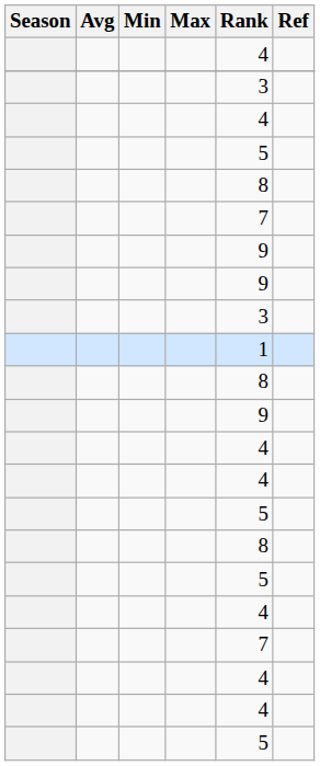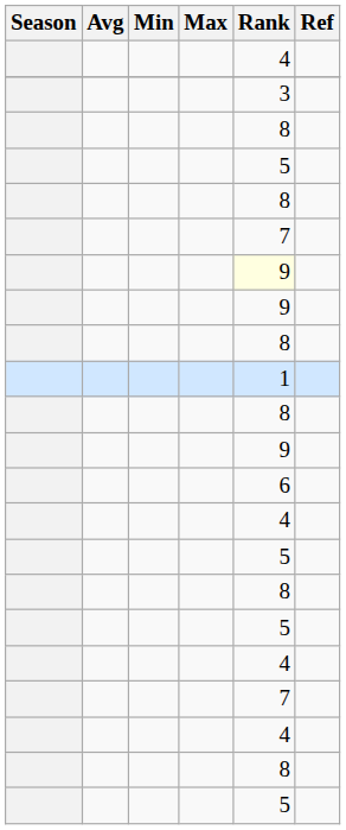 <table class="wikitable plainrowheaders sortable">
 <tr>
 <th scope=col>Season</th>
 <th scope=col>Avg</th>
 <th scope=col>Min</th>
 <th scope=col>Max</th>
 <th scope=col>Rank</th>
 <th scope=col class="unsortable">Ref</th>
 </tr>
 <tr>
 <th scope=row align=right></th>
 <td align=right></td>
 <td align=right></td>
 <td align=right></td>
 <td align=right>4</td>
 <td align=center></td>
 </tr>
 <tr>
 </tr>
 <tr>
 <th scope=row align=right></th>
 <td align=right></td>
 <td align=right></td>
 <td align=right></td>
 <td align=right>3</td>
 <td align=center></td>
 </tr>
 <tr>
 <th scope=row align=right></th>
 <td align=right></td>
 <td align=right></td>
 <td align=right></td>
-<td align=right>4</td>
+<td align=right>8</td>
 <td align=center></td>
 </tr>
 <tr>
 <th scope=row align=right></th>
 <td align=right></td>
 <td align=right></td>
 <td align=right></td>
 <td align=right>5</td>
 <td align=center></td>
 </tr>
 <tr>
 <th scope=row align=right></th>
 <td align=right></td>
 <td align=right></td>
 <td align=right></td>
 <td align=right>8</td>
 <td align=center></td>
 </tr>
 <tr>
 <th scope=row align=right></th>
 <td align=right></td>
 <td align=right></td>
 <td align=right></td>
 <td align=right>7</td>
 <td align=center></td>
 </tr>
 <tr>
 <th scope=row align=right></th>
 <td align=right></td>
 <td align=right></td>
 <td align=right></td>
-<td align=right>9</td>
+<td align=right style="background: lightyellow;">9</td>
 <td align=center></td>
 </tr>
 <tr>
 <th scope=row align=right></th>
 <td align=right></td>
 <td align=right></td>
 <td align=right></td>
 <td align=right>9</td>
 <td align=center></td>
 </tr>
 <tr>
 <th scope=row align=right></th>
 <td align=right></td>
 <td align=right></td>
 <td align=right></td>
-<td align=right>3</td>
+<td align=right>8</td>
 <td align=center></td>
 </tr>
 <tr>
 <th scope=row style="background-color: #D0E7FF" align=right></th>
 <td style="background-color: #D0E7FF" align=right></td>
 <td style="background-color: #D0E7FF" align=right></td>
 <td style="background-color: #D0E7FF" align=right></td>
 <td style="background-color: #D0E7FF" align=right>1</td>
 <td style="background-color: #D0E7FF" align=center></td>
 </tr>
 <tr>
 <th scope=row align=right></th>
 <td align=right></td>
 <td align=right></td>
 <td align=right></td>
 <td align=right>8</td>
 <td align=center></td>
 </tr>
 <tr>
 <th scope=row align=right></th>
 <td align=right></td>
 <td align=right></td>
 <td align=right></td>
 <td align=right>9</td>
 <td align=center></td>
 </tr>
 <tr>
 <th scope=row align=right></th>
 <td align=right></td>
 <td align=right></td>
 <td align=right></td>
-<td align=right>4</td>
+<td align=right>6</td>
 <td align=center></td>
 </tr>
 <tr>
 <th scope=row align=right></th>
 <td align=right></td>
 <td align=right></td>
 <td align=right></td>
 <td align=right>4</td>
 <td align=center></td>
 </tr>
 <tr>
 <th scope=row align=right></th>
 <td align=right></td>
 <td align=right></td>
 <td align=right></td>
 <td align=right>5</td>
 <td align=center></td>
 </tr>
 <tr>
 <th scope=row align=right></th>
 <td align=right></td>
 <td align=right></td>
 <td align=right></td>
 <td align=right>8</td>
 <td align=center></td>
 </tr>
 <tr>
 <th scope=row align=right></th>
 <td align=right></td>
 <td align=right></td>
 <td align=right></td>
 <td align=right>5</td>
 <td align=center></td>
 </tr>
 <tr>
 <th scope=row align=right></th>
 <td align=right></td>
 <td align=right></td>
 <td align=right></td>
 <td align=right>4</td>
 <td align=center></td>
 </tr>
 <tr>
 <th scope=row align=right></th>
 <td align=right></td>
 <td align=right></td>
 <td align=right></td>
 <td align=right>7</td>
 <td align=center></td>
 </tr>
 <tr>
 <th scope=row align=right></th>
 <td align=right></td>
 <td align=right></td>
 <td align=right></td>
 <td align=right>4</td>
 <td align=center></td>
 </tr>
 <tr>
 <th scope=row align=right></th>
 <td align=right></td>
 <td align=right></td>
 <td align=right></td>
-<td align=right>4</td>
+<td align=right>8</td>
 <td align=center></td>
 </tr>
 <tr>
 <th scope=row align=right></th>
 <td align=right></td>
 <td align=right></td>
 <td align=right></td>
 <td align=right>5</td>
 <td align=center></td>
 </tr>
 </table>
